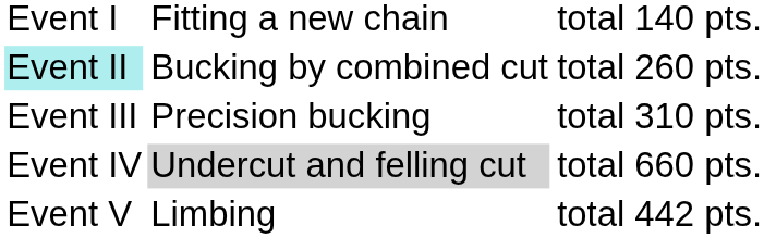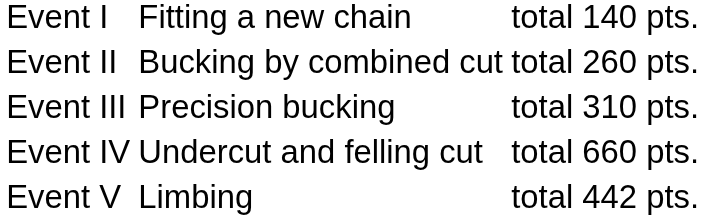 <table>
 <tr>
 <td>Event I</td>
 <td>Fitting a new chain</td>
 <td>total 140 pts.</td>
 </tr>
 <tr>
-<td style="background: paleturquoise;">Event II</td>
+<td>Event II</td>
 <td>Bucking by combined cut</td>
 <td>total 260 pts.</td>
 </tr>
 <tr>
 <td>Event III</td>
 <td>Precision bucking</td>
 <td>total 310 pts.</td>
 </tr>
 <tr>
 <td>Event IV</td>
-<td style="background: lightgrey;">Undercut and felling cut</td>
+<td>Undercut and felling cut</td>
 <td>total 660 pts.</td>
 </tr>
 <tr>
 <td>Event V</td>
 <td>Limbing</td>
 <td>total 442 pts.</td>
 </tr>
 </table>
